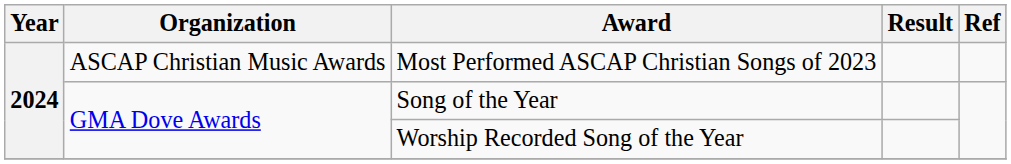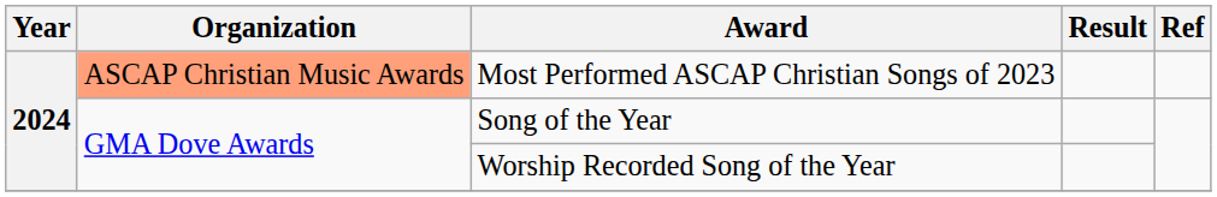 <table class="wikitable plainrowheaders">
 <tr>
 <th>Year</th>
 <th>Organization</th>
 <th>Award</th>
 <th>Result</th>
 <th style="text-align:center">Ref</th>
 </tr>
 <tr>
 <th scope="row" rowspan="3">2024</th>
-<td>ASCAP Christian Music Awards</td>
+<td style="background: lightsalmon;">ASCAP Christian Music Awards</td>
 <td>Most Performed ASCAP Christian Songs of 2023</td>
 <td></td>
 <td></td>
 </tr>
 <tr>
 <td rowspan="2"><a href='#'>GMA Dove Awards</a></td>
 <td>Song of the Year</td>
 <td></td>
 <td rowspan="2"></td>
 </tr>
 <tr>
 <td>Worship Recorded Song of the Year</td>
 <td></td>
 </tr>
 <tr>
 </tr>
 </table>
